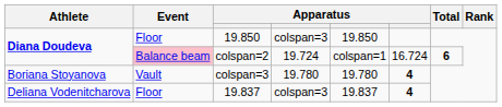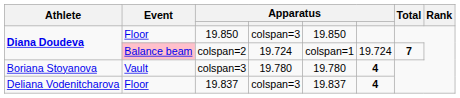 <table class="wikitable" style="font-size:90%">
 <tr>
 <th rowspan=2>Athlete</th>
 <th rowspan=2>Event</th>
 <th colspan =4>Apparatus</th>
 <th rowspan=2>Total</th>
 <th rowspan=2>Rank</th>
 </tr>
 <tr style="font-size:95%">
 <th></th>
 <th></th>
 <th></th>
 <th></th>
 </tr>
 <tr align=center>
 <td align=left rowspan=2><strong><a href='#'>Diana Doudeva</a></strong></td>
 <td align=left><a href='#'>Floor</a></td>
 <td>19.850</td>
 <td>colspan=3 </td>
 <td>19.850</td>
 <td></td>
 </tr>
 <tr align=center>
 <td align=left style="background: pink;"><a href='#'>Balance beam</a></td>
 <td>colspan=2 </td>
 <td>19.724</td>
 <td>colspan=1 </td>
-<td>16.724</td>
-<td><strong>6</strong></td>
+<td>19.724</td>
+<td><strong>7</strong></td>
 </tr>
 <tr align=center>
 <td align=left rowspan=1><a href='#'>Boriana Stoyanova</a></td>
 <td align=left><a href='#'>Vault</a></td>
 <td>colspan=3 </td>
 <td>19.780</td>
 <td>19.780</td>
 <td><strong>4</strong></td>
 </tr>
 <tr align=center>
 <td align=left rowspan=1><a href='#'>Deliana Vodenitcharova</a></td>
 <td align=left><a href='#'>Floor</a></td>
 <td>19.837</td>
 <td>colspan=3 </td>
 <td>19.837</td>
 <td><strong>4</strong></td>
 </tr>
 </table>
